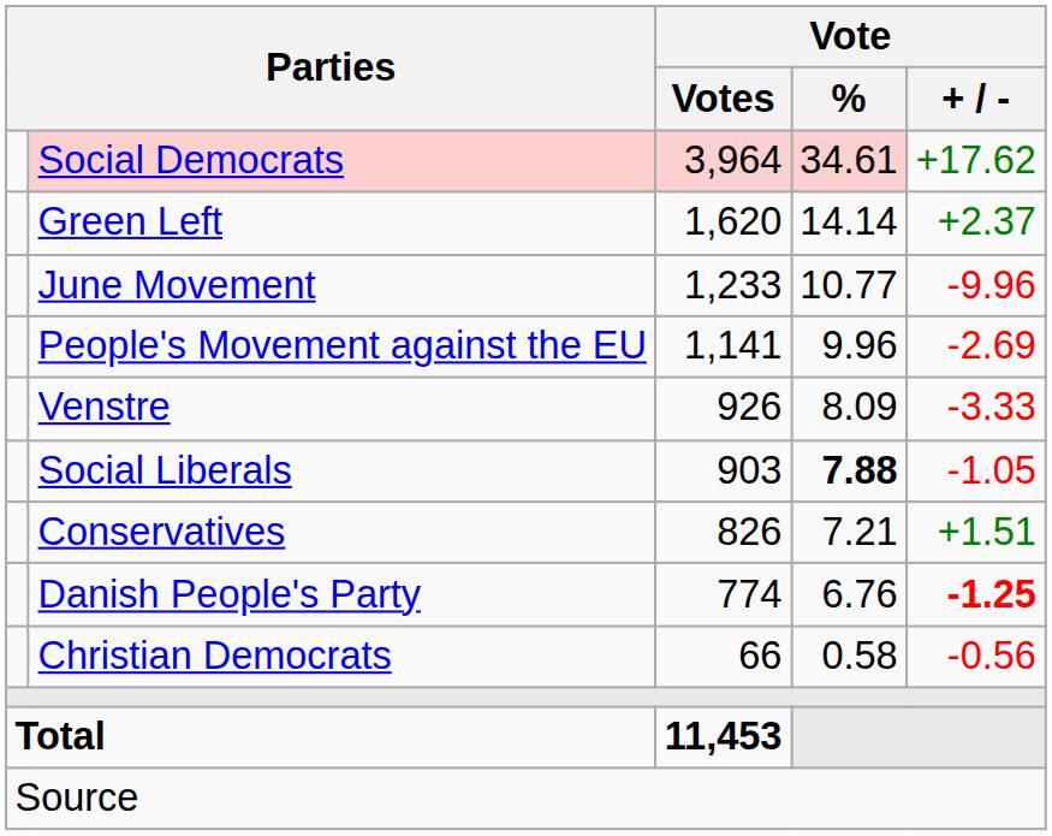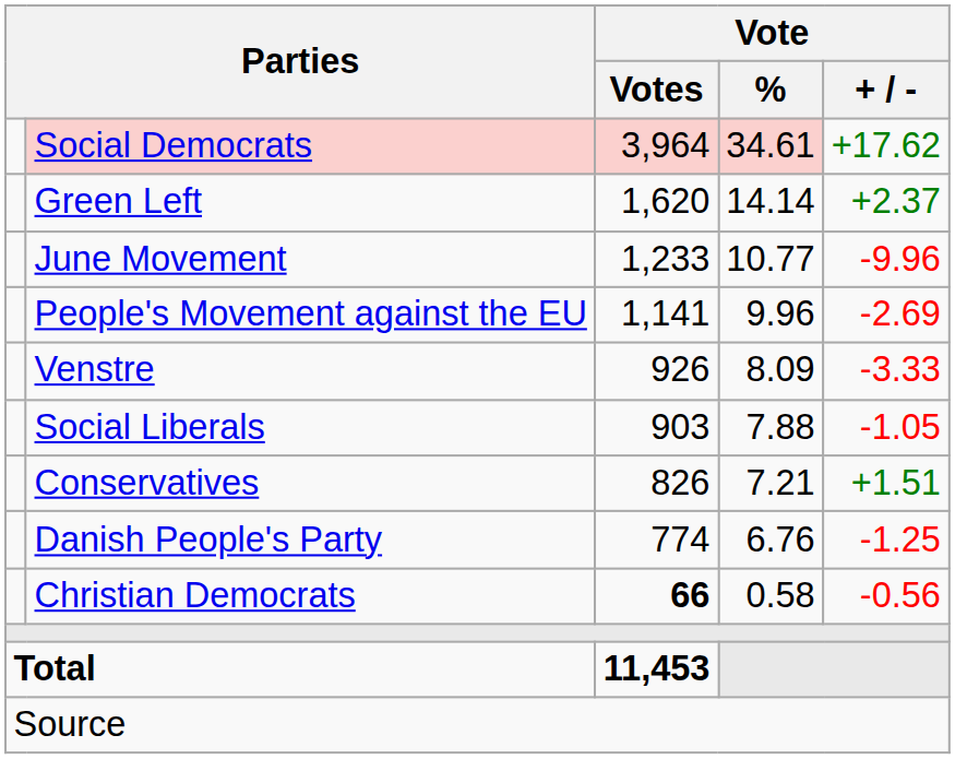 <table class="wikitable" style="text-align:right;">
 <tr>
 <th style="text-align:centre;" rowspan="2" colspan="2" width="225">Parties</th>
 <th colspan="3">Vote</th>
 </tr>
 <tr>
 <th width="15">Votes</th>
 <th width="15">%</th>
 <th width="15">+ / -</th>
 </tr>
 <tr>
 <td width="2" style="color:inherit;background:"></td>
 <td bgcolor=#fbd0ce   align="left"><a href='#'>Social Democrats</a></td>
 <td bgcolor=#fbd0ce>3,964</td>
 <td bgcolor=#fbd0ce>34.61</td>
 <td style=color:green;>+17.62</td>
 </tr>
 <tr>
 <td width="2" style="color:inherit;background:"></td>
 <td align="left"><a href='#'>Green Left</a></td>
 <td>1,620</td>
 <td>14.14</td>
 <td style=color:green;>+2.37</td>
 </tr>
 <tr>
 <td width="2" style="color:inherit;background:"></td>
 <td align="left"><a href='#'>June Movement</a></td>
 <td>1,233</td>
 <td>10.77</td>
 <td style=color:red;>-9.96</td>
 </tr>
 <tr>
 <td width="2" style="color:inherit;background:"></td>
 <td align="left"><a href='#'>People's Movement against the EU</a></td>
 <td>1,141</td>
 <td>9.96</td>
 <td style=color:red;>-2.69</td>
 </tr>
 <tr>
 <td width="2" style="color:inherit;background:"></td>
 <td align="left"><a href='#'>Venstre</a></td>
 <td>926</td>
 <td>8.09</td>
 <td style=color:red;>-3.33</td>
 </tr>
 <tr>
 <td width="2" style="color:inherit;background:"></td>
 <td align="left"><a href='#'>Social Liberals</a></td>
 <td>903</td>
-<td><strong>7.88</strong></td>
+<td>7.88</td>
 <td style=color:red;>-1.05</td>
 </tr>
 <tr>
 <td width="2" style="color:inherit;background:"></td>
 <td align="left"><a href='#'>Conservatives</a></td>
 <td>826</td>
 <td>7.21</td>
 <td style=color:green;>+1.51</td>
 </tr>
 <tr>
 <td width="2" style="color:inherit;background:"></td>
 <td align="left"><a href='#'>Danish People's Party</a></td>
 <td>774</td>
 <td>6.76</td>
-<td style=color:red;><strong>-1.25</strong></td>
+<td style=color:red;>-1.25</td>
 </tr>
 <tr>
 <td width="2" style="color:inherit;background:"></td>
 <td align="left"><a href='#'>Christian Democrats</a></td>
-<td>66</td>
+<td><strong>66</strong></td>
 <td>0.58</td>
 <td style=color:red;>-0.56</td>
 </tr>
 <tr>
 <td colspan="7" bgcolor="#E9E9E9"></td>
 </tr>
 <tr>
 <td align="left" colspan="2"><strong>Total</strong></td>
 <td><strong>11,453</strong></td>
 <td bgcolor="#E9E9E9" colspan="2"></td>
 </tr>
 <tr>
 <td align="left" colspan="6">Source</td>
 </tr>
 </table>
